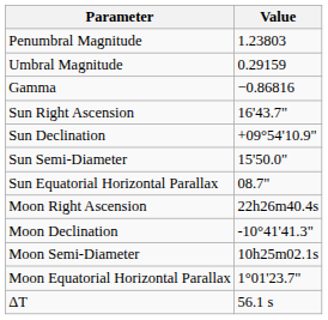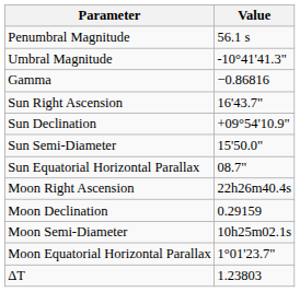 <table class="wikitable">
 <tr>
 <th>Parameter</th>
 <th>Value</th>
 </tr>
 <tr>
 <td>Penumbral Magnitude</td>
-<td>1.23803</td>
+<td>56.1 s</td>
 </tr>
 <tr>
 <td>Umbral Magnitude</td>
-<td>0.29159</td>
+<td>-10°41'41.3"</td>
 </tr>
 <tr>
 <td>Gamma</td>
 <td>−0.86816</td>
 </tr>
 <tr>
 <td>Sun Right Ascension</td>
 <td>16'43.7"</td>
 </tr>
 <tr>
 <td>Sun Declination</td>
 <td>+09°54'10.9"</td>
 </tr>
 <tr>
 <td>Sun Semi-Diameter</td>
 <td>15'50.0"</td>
 </tr>
 <tr>
 <td>Sun Equatorial Horizontal Parallax</td>
 <td>08.7"</td>
 </tr>
 <tr>
 <td>Moon Right Ascension</td>
 <td>22h26m40.4s</td>
 </tr>
 <tr>
 <td>Moon Declination</td>
-<td>-10°41'41.3"</td>
+<td>0.29159</td>
 </tr>
 <tr>
 <td>Moon Semi-Diameter</td>
 <td>10h25m02.1s</td>
 </tr>
 <tr>
 <td>Moon Equatorial Horizontal Parallax</td>
 <td>1°01'23.7"</td>
 </tr>
 <tr>
 <td>ΔT</td>
-<td>56.1 s</td>
+<td>1.23803</td>
 </tr>
 </table>
